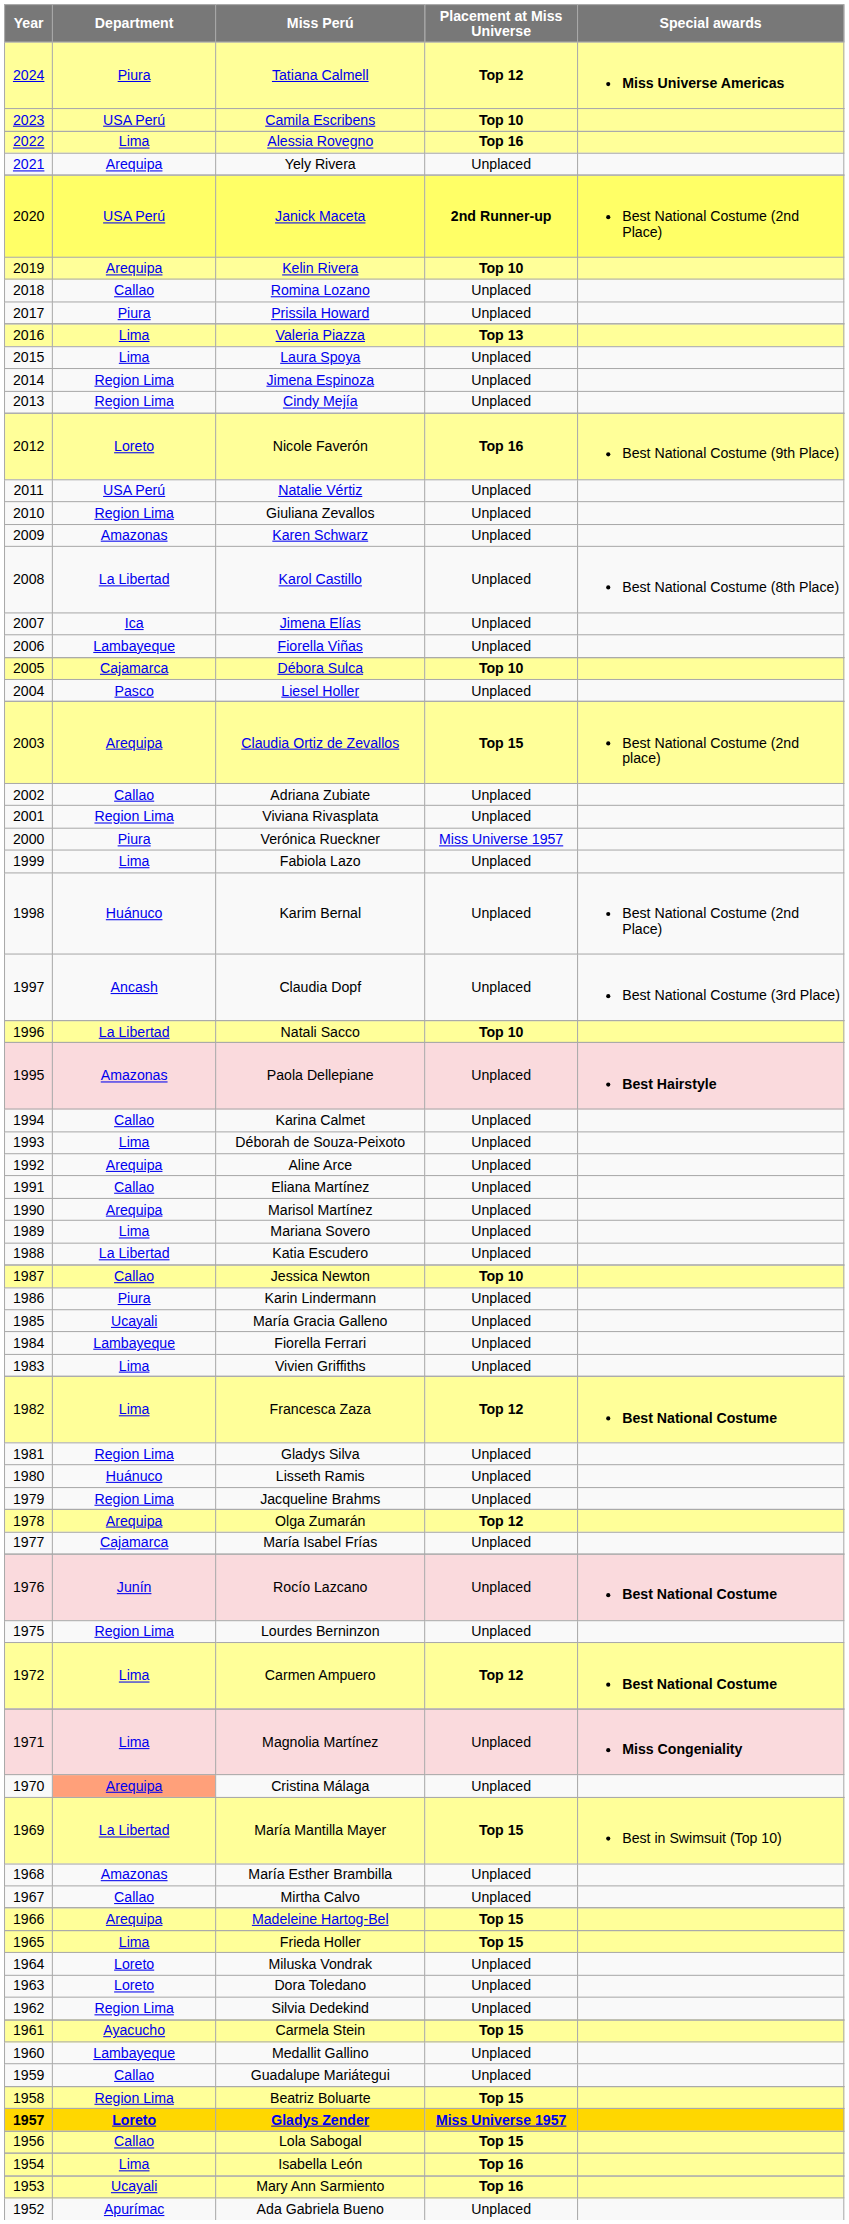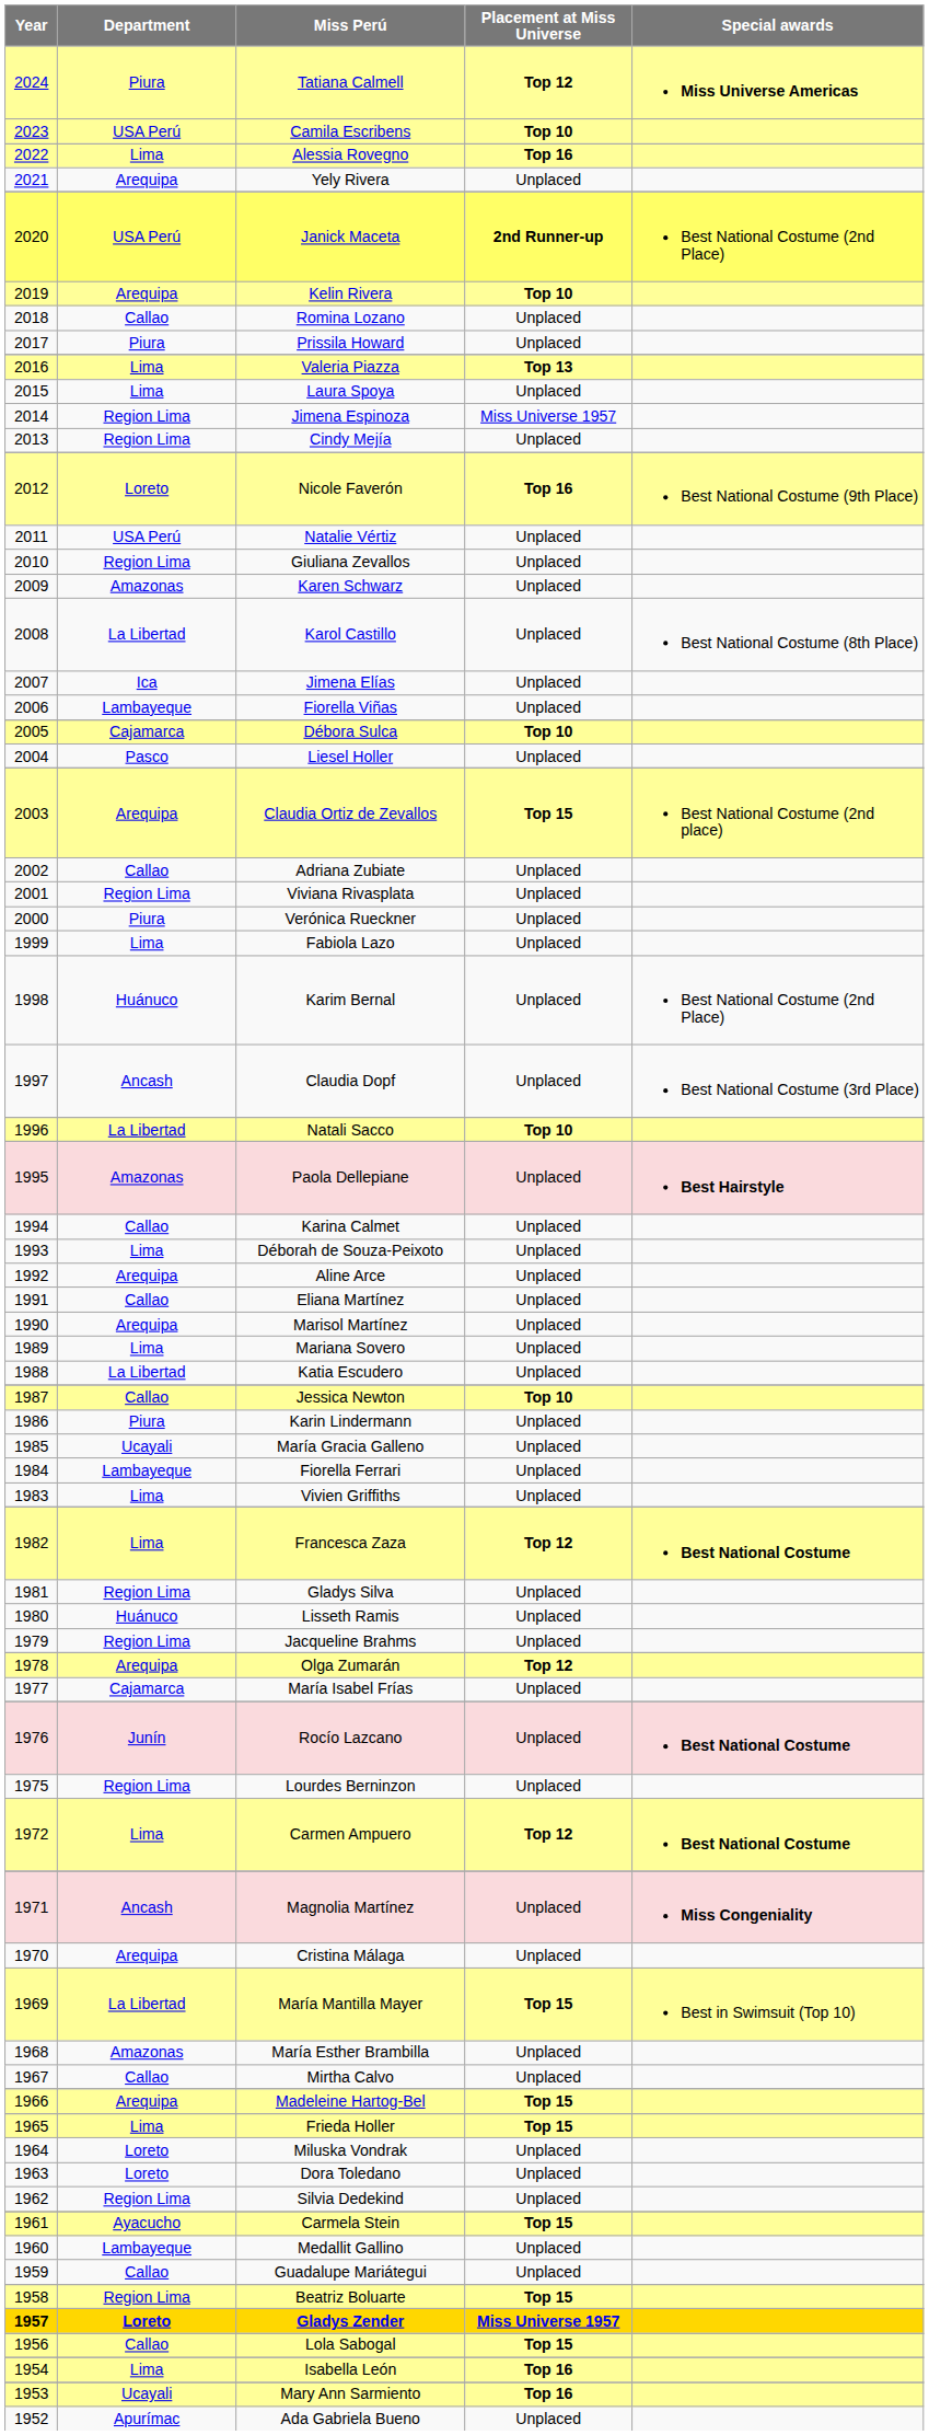 <table class="wikitable " style="font-size: 85%; text-align:center">
 <tr>
 <th width="40" style="background-color:#787878;color:#FFFFFF;">Year</th>
 <th width="150" style="background-color:#787878;color:#FFFFFF;">Department</th>
 <th width="195" style="background-color:#787878;color:#FFFFFF;">Miss Perú</th>
 <th width="140" style="background-color:#787878;color:#FFFFFF;">Placement at Miss Universe</th>
 <th width="250" style="background-color:#787878;color:#FFFFFF;">Special awards</th>
 </tr>
 <tr style="background-color:#FFFF99; ">
 <td><a href='#'>2024</a></td>
 <td><a href='#'>Piura</a></td>
 <td><a href='#'>Tatiana Calmell</a></td>
 <td><strong>Top 12</strong></td>
 <td align="left"><br><ul><li><strong>Miss Universe Americas</strong></li></ul></td>
 </tr>
 <tr>
 </tr>
 <tr style="background-color:#FFFF99;">
 <td><a href='#'>2023</a></td>
 <td><a href='#'>USA Perú</a></td>
 <td><a href='#'>Camila Escribens</a></td>
 <td><strong>Top 10</strong></td>
 <td></td>
 </tr>
 <tr>
 </tr>
 <tr style="background-color:#FFFF99">
 <td><a href='#'>2022</a></td>
 <td><a href='#'>Lima</a></td>
 <td><a href='#'>Alessia Rovegno</a></td>
 <td><strong>Top 16</strong></td>
 <td></td>
 </tr>
 <tr>
 <td><a href='#'>2021</a></td>
 <td><a href='#'>Arequipa</a></td>
 <td>Yely Rivera</td>
 <td>Unplaced</td>
 <td></td>
 </tr>
 <tr>
 </tr>
 <tr style="background-color:#FFFF66;">
 <td>2020</td>
 <td><a href='#'>USA Perú</a></td>
 <td><a href='#'>Janick Maceta</a></td>
 <td><strong>2nd Runner-up</strong></td>
 <td align="left"><br><ul><li>Best National Costume (2nd Place)</li></ul></td>
 </tr>
 <tr style="background-color:#FFFF99;">
 <td>2019</td>
 <td><a href='#'>Arequipa</a></td>
 <td><a href='#'>Kelin Rivera</a></td>
 <td><strong>Top 10</strong></td>
 <td></td>
 </tr>
 <tr>
 <td>2018</td>
 <td><a href='#'>Callao</a></td>
 <td><a href='#'>Romina Lozano</a></td>
 <td>Unplaced</td>
 <td></td>
 </tr>
 <tr>
 <td>2017</td>
 <td><a href='#'>Piura</a></td>
 <td><a href='#'>Prissila Howard</a></td>
 <td>Unplaced</td>
 <td></td>
 </tr>
 <tr>
 </tr>
 <tr style="background-color:#FFFF99;">
 <td>2016</td>
 <td><a href='#'>Lima</a></td>
 <td><a href='#'>Valeria Piazza</a></td>
 <td><strong>Top 13</strong></td>
 <td></td>
 </tr>
 <tr>
 <td>2015</td>
 <td><a href='#'>Lima</a></td>
 <td><a href='#'>Laura Spoya</a></td>
 <td>Unplaced</td>
 <td></td>
 </tr>
 <tr>
 <td>2014</td>
 <td><a href='#'>Region Lima</a></td>
 <td><a href='#'>Jimena Espinoza</a></td>
-<td>Unplaced</td>
+<td><a href='#'>Miss Universe 1957</a></td>
 <td></td>
 </tr>
 <tr>
 <td>2013</td>
 <td><a href='#'>Region Lima</a></td>
 <td><a href='#'>Cindy Mejía</a></td>
 <td>Unplaced</td>
 <td></td>
 </tr>
 <tr>
 </tr>
 <tr style="background-color:#FFFF99;">
 <td>2012</td>
 <td><a href='#'>Loreto</a></td>
 <td>Nicole Faverón</td>
 <td><strong>Top 16</strong></td>
 <td align="left"><br><ul><li>Best National Costume (9th Place)</li></ul></td>
 </tr>
 <tr>
 <td>2011</td>
 <td><a href='#'>USA Perú</a></td>
 <td><a href='#'>Natalie Vértiz</a></td>
 <td>Unplaced</td>
 <td></td>
 </tr>
 <tr>
 <td>2010</td>
 <td><a href='#'>Region Lima</a></td>
 <td>Giuliana Zevallos</td>
 <td>Unplaced</td>
 <td></td>
 </tr>
 <tr>
 <td>2009</td>
 <td><a href='#'>Amazonas</a></td>
 <td><a href='#'>Karen Schwarz</a></td>
 <td>Unplaced</td>
 <td></td>
 </tr>
 <tr>
 <td>2008</td>
 <td><a href='#'>La Libertad</a></td>
 <td><a href='#'>Karol Castillo</a></td>
 <td>Unplaced</td>
 <td align="left"><br><ul><li>Best National Costume (8th Place)</li></ul></td>
 </tr>
 <tr>
 <td>2007</td>
 <td><a href='#'>Ica</a></td>
 <td><a href='#'>Jimena Elías</a></td>
 <td>Unplaced</td>
 <td></td>
 </tr>
 <tr>
 <td>2006</td>
 <td><a href='#'>Lambayeque</a></td>
 <td><a href='#'>Fiorella Viñas</a></td>
 <td>Unplaced</td>
 <td></td>
 </tr>
 <tr>
 </tr>
 <tr style="background-color:#FFFF99;">
 <td>2005</td>
 <td><a href='#'>Cajamarca</a></td>
 <td><a href='#'>Débora Sulca</a></td>
 <td><strong>Top 10</strong></td>
 <td></td>
 </tr>
 <tr>
 <td>2004</td>
 <td><a href='#'>Pasco</a></td>
 <td><a href='#'>Liesel Holler</a></td>
 <td>Unplaced</td>
 <td></td>
 </tr>
 <tr>
 </tr>
 <tr style="background-color:#FFFF99;">
 <td>2003</td>
 <td><a href='#'>Arequipa</a></td>
 <td><a href='#'>Claudia Ortiz de Zevallos</a></td>
 <td><strong>Top 15</strong></td>
 <td align="left"><br><ul><li>Best National Costume (2nd place)</li></ul></td>
 </tr>
 <tr>
 <td>2002</td>
 <td><a href='#'>Callao</a></td>
 <td>Adriana Zubiate</td>
 <td>Unplaced</td>
 <td></td>
 </tr>
 <tr>
 <td>2001</td>
 <td><a href='#'>Region Lima</a></td>
 <td>Viviana Rivasplata</td>
 <td>Unplaced</td>
 <td></td>
 </tr>
 <tr>
 <td>2000</td>
 <td><a href='#'>Piura</a></td>
 <td>Verónica Rueckner</td>
-<td><a href='#'>Miss Universe 1957</a></td>
+<td>Unplaced</td>
 <td></td>
 </tr>
 <tr>
 <td>1999</td>
 <td><a href='#'>Lima</a></td>
 <td>Fabiola Lazo</td>
 <td>Unplaced</td>
 <td></td>
 </tr>
 <tr>
 <td>1998</td>
 <td><a href='#'>Huánuco</a></td>
 <td>Karim Bernal</td>
 <td>Unplaced</td>
 <td align="left"><br><ul><li>Best National Costume (2nd Place)</li></ul></td>
 </tr>
 <tr>
 <td>1997</td>
 <td><a href='#'>Ancash</a></td>
 <td>Claudia Dopf</td>
 <td>Unplaced</td>
 <td align="left"><br><ul><li>Best National Costume (3rd Place)</li></ul></td>
 </tr>
 <tr>
 </tr>
 <tr style="background-color:#FFFF99;">
 <td>1996</td>
 <td><a href='#'>La Libertad</a></td>
 <td>Natali Sacco</td>
 <td><strong>Top 10</strong></td>
 <td></td>
 </tr>
 <tr>
 </tr>
 <tr style="background-color:#FADADD;">
 <td>1995</td>
 <td><a href='#'>Amazonas</a></td>
 <td>Paola Dellepiane</td>
 <td>Unplaced</td>
 <td align="left"><br><ul><li><strong>Best Hairstyle</strong></li></ul></td>
 </tr>
 <tr>
 <td>1994</td>
 <td><a href='#'>Callao</a></td>
 <td>Karina Calmet</td>
 <td>Unplaced</td>
 <td></td>
 </tr>
 <tr>
 <td>1993</td>
 <td><a href='#'>Lima</a></td>
 <td>Déborah de Souza-Peixoto</td>
 <td>Unplaced</td>
 <td></td>
 </tr>
 <tr>
 <td>1992</td>
 <td><a href='#'>Arequipa</a></td>
 <td>Aline Arce</td>
 <td>Unplaced</td>
 <td></td>
 </tr>
 <tr>
 <td>1991</td>
 <td><a href='#'>Callao</a></td>
 <td>Eliana Martínez</td>
 <td>Unplaced</td>
 <td></td>
 </tr>
 <tr>
 <td>1990</td>
 <td><a href='#'>Arequipa</a></td>
 <td>Marisol Martínez</td>
 <td>Unplaced</td>
 <td></td>
 </tr>
 <tr>
 <td>1989</td>
 <td><a href='#'>Lima</a></td>
 <td>Mariana Sovero</td>
 <td>Unplaced</td>
 <td></td>
 </tr>
 <tr>
 <td>1988</td>
 <td><a href='#'>La Libertad</a></td>
 <td>Katia Escudero</td>
 <td>Unplaced</td>
 <td></td>
 </tr>
 <tr>
 </tr>
 <tr style="background-color:#FFFF99;">
 <td>1987</td>
 <td><a href='#'>Callao</a></td>
 <td>Jessica Newton</td>
 <td><strong>Top 10</strong></td>
 <td></td>
 </tr>
 <tr>
 <td>1986</td>
 <td><a href='#'>Piura</a></td>
 <td>Karin Lindermann</td>
 <td>Unplaced</td>
 <td></td>
 </tr>
 <tr>
 <td>1985</td>
 <td><a href='#'>Ucayali</a></td>
 <td>María Gracia Galleno</td>
 <td>Unplaced</td>
 <td></td>
 </tr>
 <tr>
 <td>1984</td>
 <td><a href='#'>Lambayeque</a></td>
 <td>Fiorella Ferrari</td>
 <td>Unplaced</td>
 <td></td>
 </tr>
 <tr>
 <td>1983</td>
 <td><a href='#'>Lima</a></td>
 <td>Vivien Griffiths</td>
 <td>Unplaced</td>
 <td></td>
 </tr>
 <tr>
 </tr>
 <tr style="background-color:#FFFF99;">
 <td>1982</td>
 <td><a href='#'>Lima</a></td>
 <td>Francesca Zaza</td>
 <td><strong>Top 12</strong></td>
 <td align="left"><br><ul><li><strong>Best National Costume</strong></li></ul></td>
 </tr>
 <tr>
 <td>1981</td>
 <td><a href='#'>Region Lima</a></td>
 <td>Gladys Silva</td>
 <td>Unplaced</td>
 <td></td>
 </tr>
 <tr>
 <td>1980</td>
 <td><a href='#'>Huánuco</a></td>
 <td>Lisseth Ramis</td>
 <td>Unplaced</td>
 <td></td>
 </tr>
 <tr>
 <td>1979</td>
 <td><a href='#'>Region Lima</a></td>
 <td>Jacqueline Brahms</td>
 <td>Unplaced</td>
 <td></td>
 </tr>
 <tr>
 </tr>
 <tr style="background-color:#FFFF99;">
 <td>1978</td>
 <td><a href='#'>Arequipa</a></td>
 <td>Olga Zumarán</td>
 <td><strong>Top 12</strong></td>
 <td></td>
 </tr>
 <tr>
 <td>1977</td>
 <td><a href='#'>Cajamarca</a></td>
 <td>María Isabel Frías</td>
 <td>Unplaced</td>
 <td></td>
 </tr>
 <tr>
 </tr>
 <tr style="background-color:#FADADD;">
 <td>1976</td>
 <td><a href='#'>Junín</a></td>
 <td>Rocío Lazcano</td>
 <td>Unplaced</td>
 <td align="left"><br><ul><li><strong>Best National Costume</strong></li></ul></td>
 </tr>
 <tr>
 <td>1975</td>
 <td><a href='#'>Region Lima</a></td>
 <td>Lourdes Berninzon</td>
 <td>Unplaced</td>
 <td></td>
 </tr>
 <tr style="background-color:#FFFF99;">
 <td>1972</td>
 <td><a href='#'>Lima</a></td>
 <td>Carmen Ampuero</td>
 <td><strong>Top 12</strong></td>
 <td align="left"><br><ul><li><strong>Best National Costume</strong></li></ul></td>
 </tr>
 <tr>
 </tr>
 <tr style="background-color:#FADADD;">
 <td>1971</td>
-<td><a href='#'>Lima</a></td>
+<td><a href='#'>Ancash</a></td>
 <td>Magnolia Martínez</td>
 <td>Unplaced</td>
 <td align="left"><br><ul><li><strong>Miss Congeniality</strong></li></ul></td>
 </tr>
 <tr>
 <td>1970</td>
-<td style="background: lightsalmon;"><a href='#'>Arequipa</a></td>
+<td><a href='#'>Arequipa</a></td>
 <td>Cristina Málaga</td>
 <td>Unplaced</td>
 <td></td>
 </tr>
 <tr>
 </tr>
 <tr style="background-color:#FFFF99;">
 <td>1969</td>
 <td><a href='#'>La Libertad</a></td>
 <td>María Mantilla Mayer</td>
 <td><strong>Top 15</strong></td>
 <td align="left"><br><ul><li>Best in Swimsuit (Top 10)</li></ul></td>
 </tr>
 <tr>
 <td>1968</td>
 <td><a href='#'>Amazonas</a></td>
 <td>María Esther Brambilla</td>
 <td>Unplaced</td>
 <td></td>
 </tr>
 <tr>
 <td>1967</td>
 <td><a href='#'>Callao</a></td>
 <td>Mirtha Calvo</td>
 <td>Unplaced</td>
 <td></td>
 </tr>
 <tr>
 </tr>
 <tr style="background-color:#FFFF99;">
 <td>1966</td>
 <td><a href='#'>Arequipa</a></td>
 <td><a href='#'>Madeleine Hartog-Bel</a></td>
 <td><strong>Top 15</strong></td>
 <td></td>
 </tr>
 <tr>
 </tr>
 <tr style="background-color:#FFFF99;">
 <td>1965</td>
 <td><a href='#'>Lima</a></td>
 <td>Frieda Holler</td>
 <td><strong>Top 15</strong></td>
 <td></td>
 </tr>
 <tr>
 <td>1964</td>
 <td><a href='#'>Loreto</a></td>
 <td>Miluska Vondrak</td>
 <td>Unplaced</td>
 <td></td>
 </tr>
 <tr>
 <td>1963</td>
 <td><a href='#'>Loreto</a></td>
 <td>Dora Toledano</td>
 <td>Unplaced</td>
 <td></td>
 </tr>
 <tr>
 <td>1962</td>
 <td><a href='#'>Region Lima</a></td>
 <td>Silvia Dedekind</td>
 <td>Unplaced</td>
 <td></td>
 </tr>
 <tr>
 </tr>
 <tr style="background-color:#FFFF99;">
 <td>1961</td>
 <td><a href='#'>Ayacucho</a></td>
 <td>Carmela Stein</td>
 <td><strong>Top 15</strong></td>
 <td></td>
 </tr>
 <tr>
 <td>1960</td>
 <td><a href='#'>Lambayeque</a></td>
 <td>Medallit Gallino</td>
 <td>Unplaced</td>
 <td></td>
 </tr>
 <tr>
 <td>1959</td>
 <td><a href='#'>Callao</a></td>
 <td>Guadalupe Mariátegui</td>
 <td>Unplaced</td>
 <td></td>
 </tr>
 <tr>
 </tr>
 <tr style="background-color:#FFFF99;">
 <td>1958</td>
 <td><a href='#'>Region Lima</a></td>
 <td>Beatriz Boluarte</td>
 <td><strong>Top 15</strong></td>
 <td></td>
 </tr>
 <tr>
 </tr>
 <tr style="background-color:GOLD; font-weight: bold">
 <td>1957</td>
 <td><a href='#'>Loreto</a></td>
 <td><a href='#'>Gladys Zender</a></td>
 <td><a href='#'>Miss Universe 1957</a></td>
 <td></td>
 </tr>
 <tr>
 </tr>
 <tr style="background-color:#FFFF99;">
 <td>1956</td>
 <td><a href='#'>Callao</a></td>
 <td>Lola Sabogal</td>
 <td><strong>Top 15</strong></td>
 <td></td>
 </tr>
 <tr>
 </tr>
 <tr style="background-color:#FFFF99;">
 <td>1954</td>
 <td><a href='#'>Lima</a></td>
 <td>Isabella León</td>
 <td><strong>Top 16</strong></td>
 <td></td>
 </tr>
 <tr>
 </tr>
 <tr style="background-color:#FFFF99;">
 <td>1953</td>
 <td><a href='#'>Ucayali</a></td>
 <td>Mary Ann Sarmiento</td>
 <td><strong>Top 16</strong></td>
 <td></td>
 </tr>
 <tr>
 <td>1952</td>
 <td><a href='#'>Apurímac</a></td>
 <td>Ada Gabriela Bueno</td>
 <td>Unplaced</td>
 <td></td>
 </tr>
 <tr>
 </tr>
 </table>
